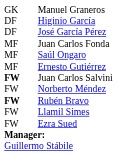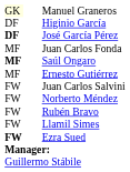 <table cellspacing="0" cellpadding="0" style="font-size:90%; margin:0.2em auto;">
 <tr>
 <th width="25"></th>
 <th width="25"></th>
 </tr>
 <tr>
-<td>GK</td>
+<td style="background: lightyellow;">GK</td>
 <td></td>
 <td> Manuel Graneros</td>
 </tr>
 <tr>
 <td>DF</td>
 <td></td>
 <td> <a href='#'>Higinio García</a></td>
 </tr>
 <tr>
-<td>DF</td>
+<td><strong>DF</strong></td>
 <td></td>
 <td> <a href='#'>José García Pérez</a></td>
 </tr>
 <tr>
 <td>MF</td>
 <td></td>
 <td> Juan Carlos Fonda</td>
 </tr>
 <tr>
-<td>MF</td>
+<td><strong>MF</strong></td>
 <td></td>
 <td> <a href='#'>Saúl Ongaro</a></td>
 </tr>
 <tr>
 <td>MF</td>
 <td></td>
 <td> <a href='#'>Ernesto Gutiérrez</a></td>
 </tr>
 <tr>
-<td><strong>FW</strong></td>
+<td>FW</td>
 <td></td>
 <td> Juan Carlos Salvini</td>
 </tr>
 <tr>
 <td>FW</td>
 <td></td>
 <td> <a href='#'>Norberto Méndez</a></td>
 </tr>
 <tr>
-<td><strong>FW</strong></td>
+<td>FW</td>
 <td></td>
 <td> <a href='#'>Rubén Bravo</a></td>
 </tr>
 <tr>
 <td>FW</td>
 <td></td>
 <td> <a href='#'>Llamil Simes</a></td>
 </tr>
 <tr>
-<td>FW</td>
+<td><strong>FW</strong></td>
 <td></td>
 <td> <a href='#'>Ezra Sued</a></td>
 </tr>
 <tr>
 <td colspan=3><strong>Manager:</strong></td>
 </tr>
 <tr>
 <td colspan=4> <a href='#'>Guillermo Stábile</a></td>
 </tr>
 </table>
